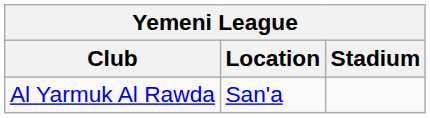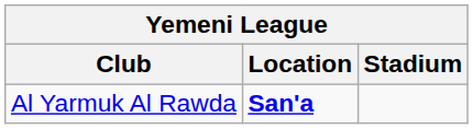 <table class="wikitable" border="1">
 <tr>
 <th colspan="4">Yemeni League</th>
 </tr>
 <tr>
 <th>Club</th>
 <th>Location</th>
 <th>Stadium</th>
 </tr>
 <tr>
 <td><a href='#'>Al Yarmuk Al Rawda</a></td>
-<td><a href='#'>San'a</a></td>
+<td><strong><a href='#'>San'a</a></strong></td>
 <td></td>
 </tr>
 </table>
